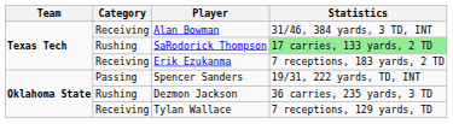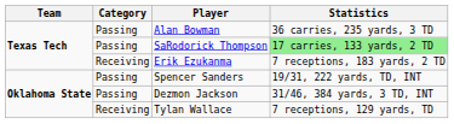 <table class="wikitable" style="float: right;">
 <tr>
 <th>Team</th>
 <th>Category</th>
 <th>Player</th>
 <th>Statistics</th>
 </tr>
 <tr>
 <td rowspan=3><strong>Texas Tech</strong></td>
-<td>Receiving</td>
+<td>Passing</td>
 <td><a href='#'>Alan Bowman</a></td>
-<td>31/46, 384 yards, 3 TD, INT</td>
+<td>36 carries, 235 yards, 3 TD</td>
 </tr>
 <tr>
-<td>Rushing</td>
+<td>Passing</td>
 <td><a href='#'>SaRodorick Thompson</a></td>
 <td style="background: lightgreen;">17 carries, 133 yards, 2 TD</td>
 </tr>
 <tr>
 <td>Receiving</td>
 <td><a href='#'>Erik Ezukanma</a></td>
 <td>7 receptions, 183 yards, 2 TD</td>
 </tr>
 <tr>
 <td rowspan=3><strong>Oklahoma State</strong></td>
 <td>Passing</td>
 <td>Spencer Sanders</td>
 <td>19/31, 222 yards, TD, INT</td>
 </tr>
 <tr>
-<td>Rushing</td>
+<td>Passing</td>
 <td>Dezmon Jackson</td>
-<td>36 carries, 235 yards, 3 TD</td>
+<td>31/46, 384 yards, 3 TD, INT</td>
 </tr>
 <tr>
 <td>Receiving</td>
 <td>Tylan Wallace</td>
 <td>7 receptions, 129 yards, TD</td>
 </tr>
 </table>
